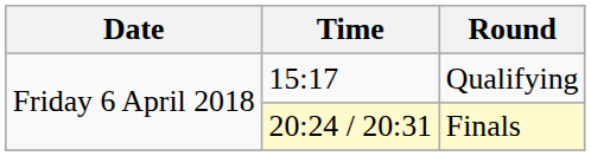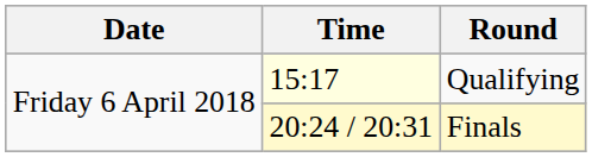 <table class="wikitable">
 <tr>
 <th>Date</th>
 <th>Time</th>
 <th>Round</th>
 </tr>
 <tr>
 <td rowspan=2>Friday 6 April 2018</td>
-<td>15:17</td>
+<td style="background: lightyellow;">15:17</td>
 <td>Qualifying</td>
 </tr>
 <tr>
 <td style=background:lemonchiffon>20:24 / 20:31</td>
 <td style=background:lemonchiffon>Finals</td>
 </tr>
 </table>
